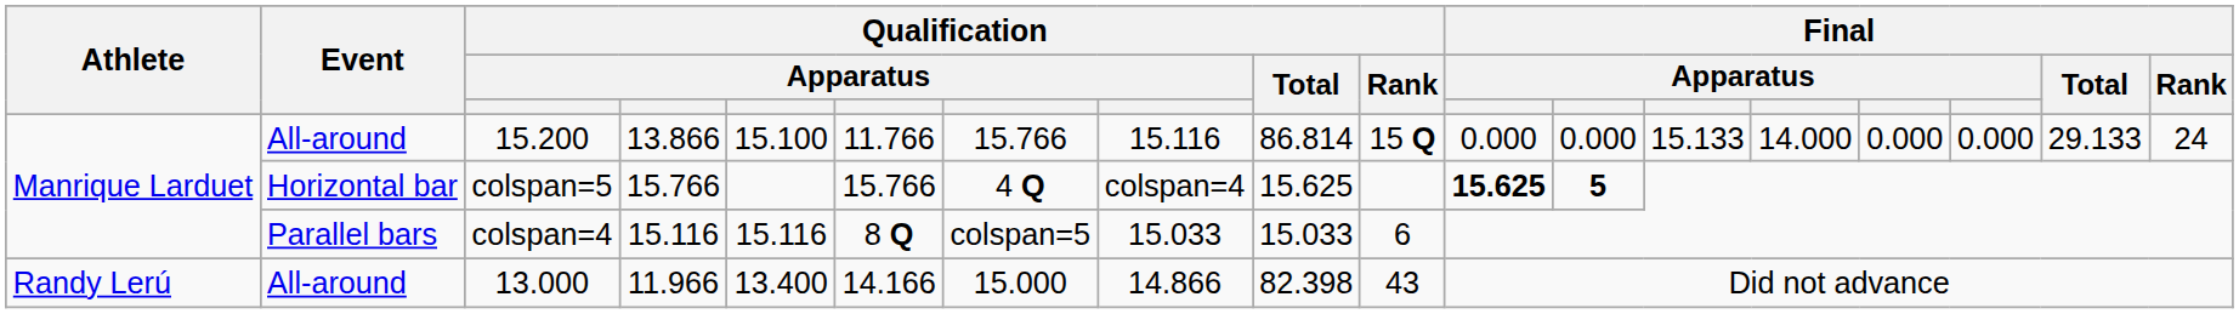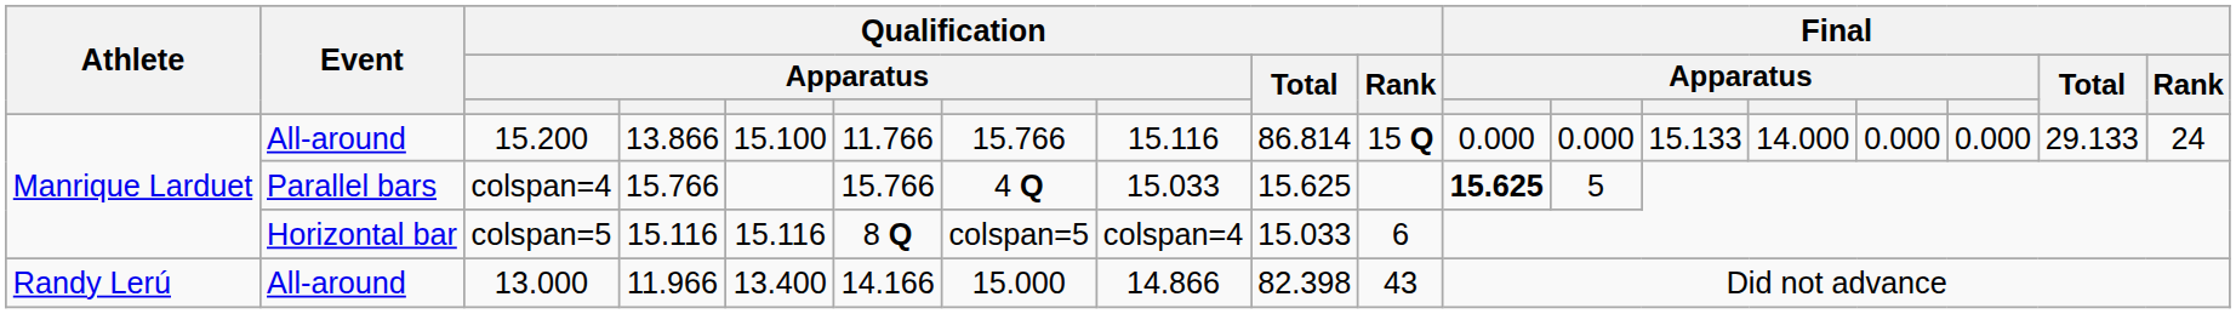 <table class="wikitable" style="font-size:90%">
 <tr>
 <th rowspan=3>Athlete</th>
 <th rowspan=3>Event</th>
 <th colspan =8>Qualification</th>
 <th colspan =8>Final</th>
 </tr>
 <tr style="font-size:95%">
 <th colspan=6>Apparatus</th>
 <th rowspan=2>Total</th>
 <th rowspan=2>Rank</th>
 <th colspan=6>Apparatus</th>
 <th rowspan=2>Total</th>
 <th rowspan=2>Rank</th>
 </tr>
 <tr style="font-size:95%">
 <th></th>
 <th></th>
 <th></th>
 <th></th>
 <th></th>
 <th></th>
 <th></th>
 <th></th>
 <th></th>
 <th></th>
 <th></th>
 <th></th>
 </tr>
 <tr align=center>
 <td align=left rowspan=3><a href='#'>Manrique Larduet</a></td>
 <td align=left><a href='#'>All-around</a></td>
 <td>15.200</td>
 <td>13.866</td>
 <td>15.100</td>
 <td>11.766</td>
 <td>15.766</td>
 <td>15.116</td>
 <td>86.814</td>
 <td>15 <strong>Q</strong></td>
 <td>0.000</td>
 <td>0.000</td>
 <td>15.133</td>
 <td>14.000</td>
 <td>0.000</td>
 <td>0.000</td>
 <td>29.133</td>
 <td>24</td>
 </tr>
 <tr align=center>
-<td align=left><a href='#'>Horizontal bar</a></td>
-<td>colspan=5 </td>
+<td align=left><a href='#'>Parallel bars</a></td>
+<td>colspan=4 </td>
 <td>15.766</td>
 <td></td>
 <td>15.766</td>
 <td>4 <strong>Q</strong></td>
-<td>colspan=4 </td>
+<td>15.033</td>
 <td>15.625</td>
 <td></td>
 <td><strong>15.625</strong></td>
-<td><strong>5</strong></td>
+<td>5</td>
 </tr>
 <tr align=center>
-<td align=left><a href='#'>Parallel bars</a></td>
-<td>colspan=4 </td>
+<td align=left><a href='#'>Horizontal bar</a></td>
+<td>colspan=5 </td>
 <td>15.116</td>
 <td>15.116</td>
 <td>8 <strong>Q</strong></td>
 <td>colspan=5 </td>
-<td>15.033</td>
+<td>colspan=4 </td>
 <td>15.033</td>
 <td>6</td>
 </tr>
 <tr align=center>
 <td align=left><a href='#'>Randy Lerú</a></td>
 <td align=left><a href='#'>All-around</a></td>
 <td>13.000</td>
 <td>11.966</td>
 <td>13.400</td>
 <td>14.166</td>
 <td>15.000</td>
 <td>14.866</td>
 <td>82.398</td>
 <td>43</td>
 <td colspan=8>Did not advance</td>
 </tr>
 </table>
